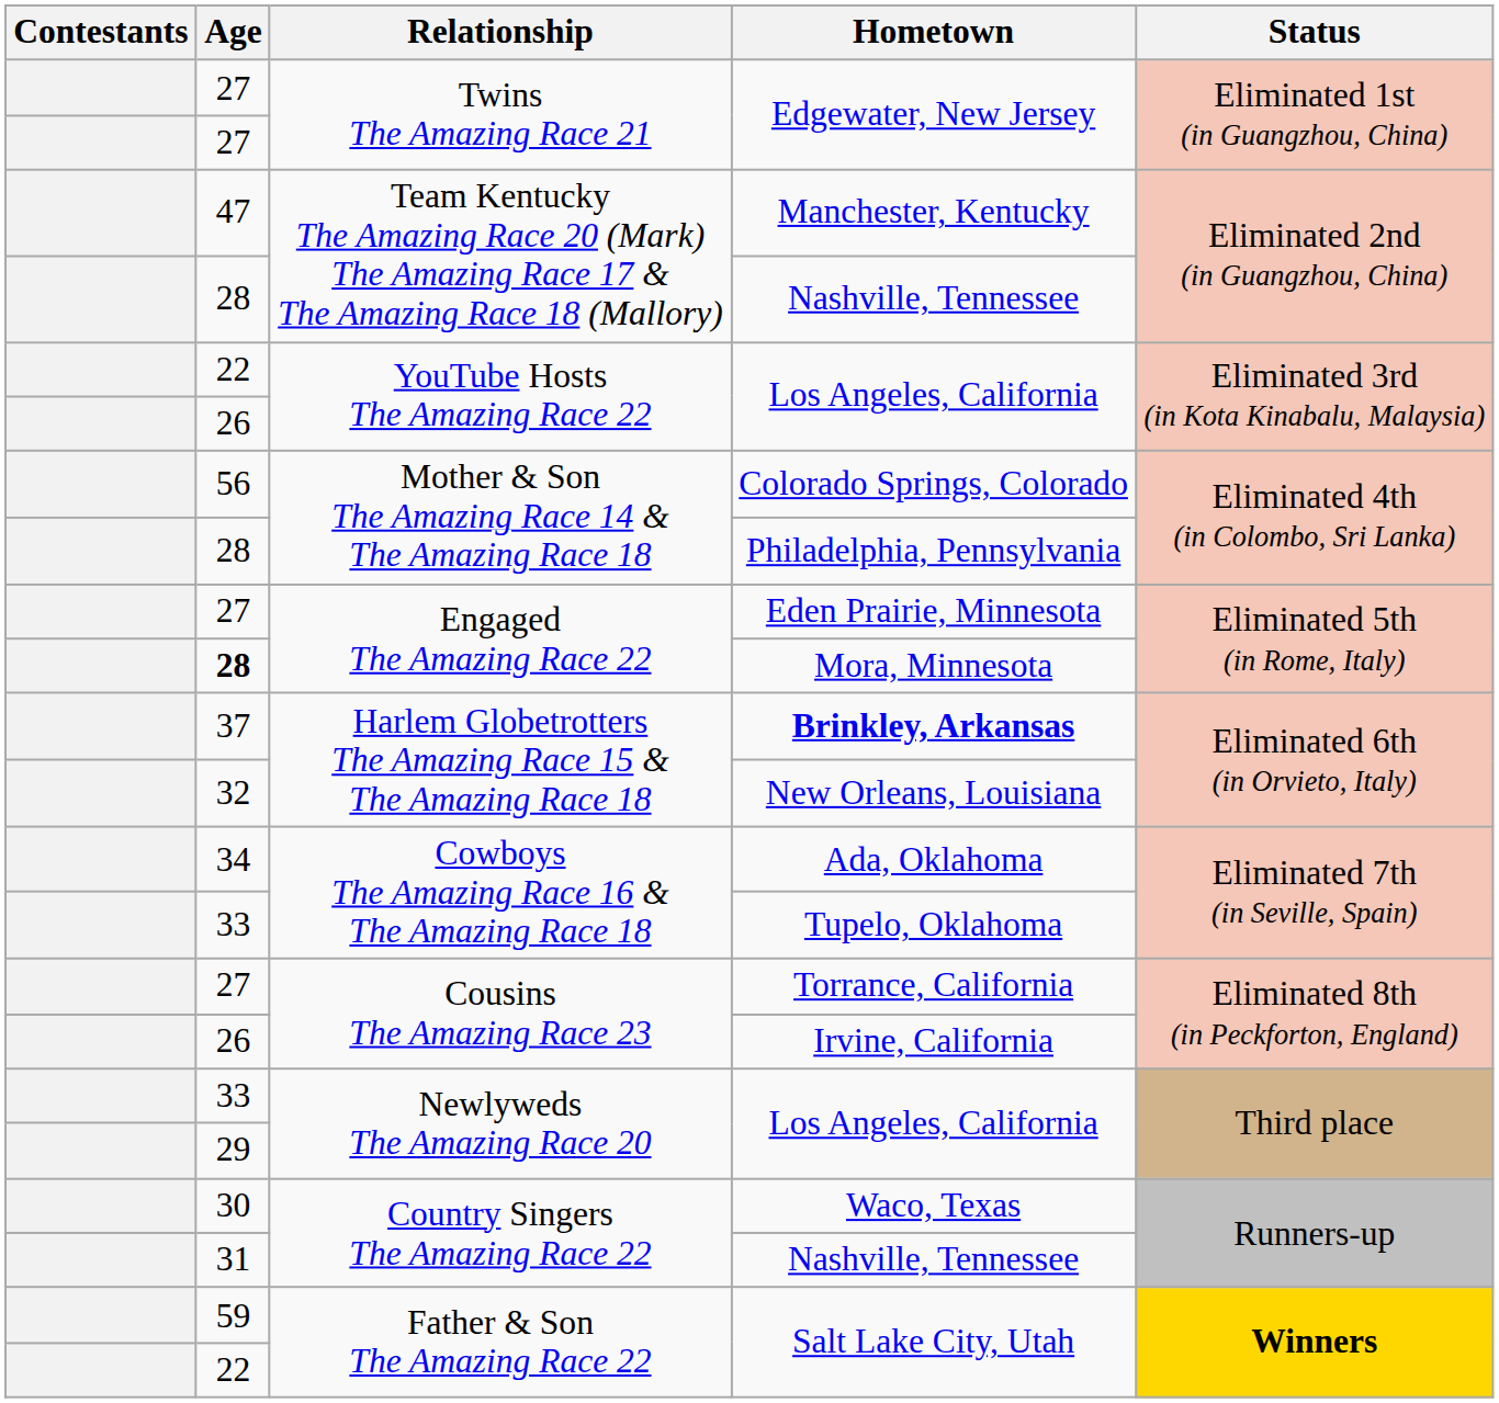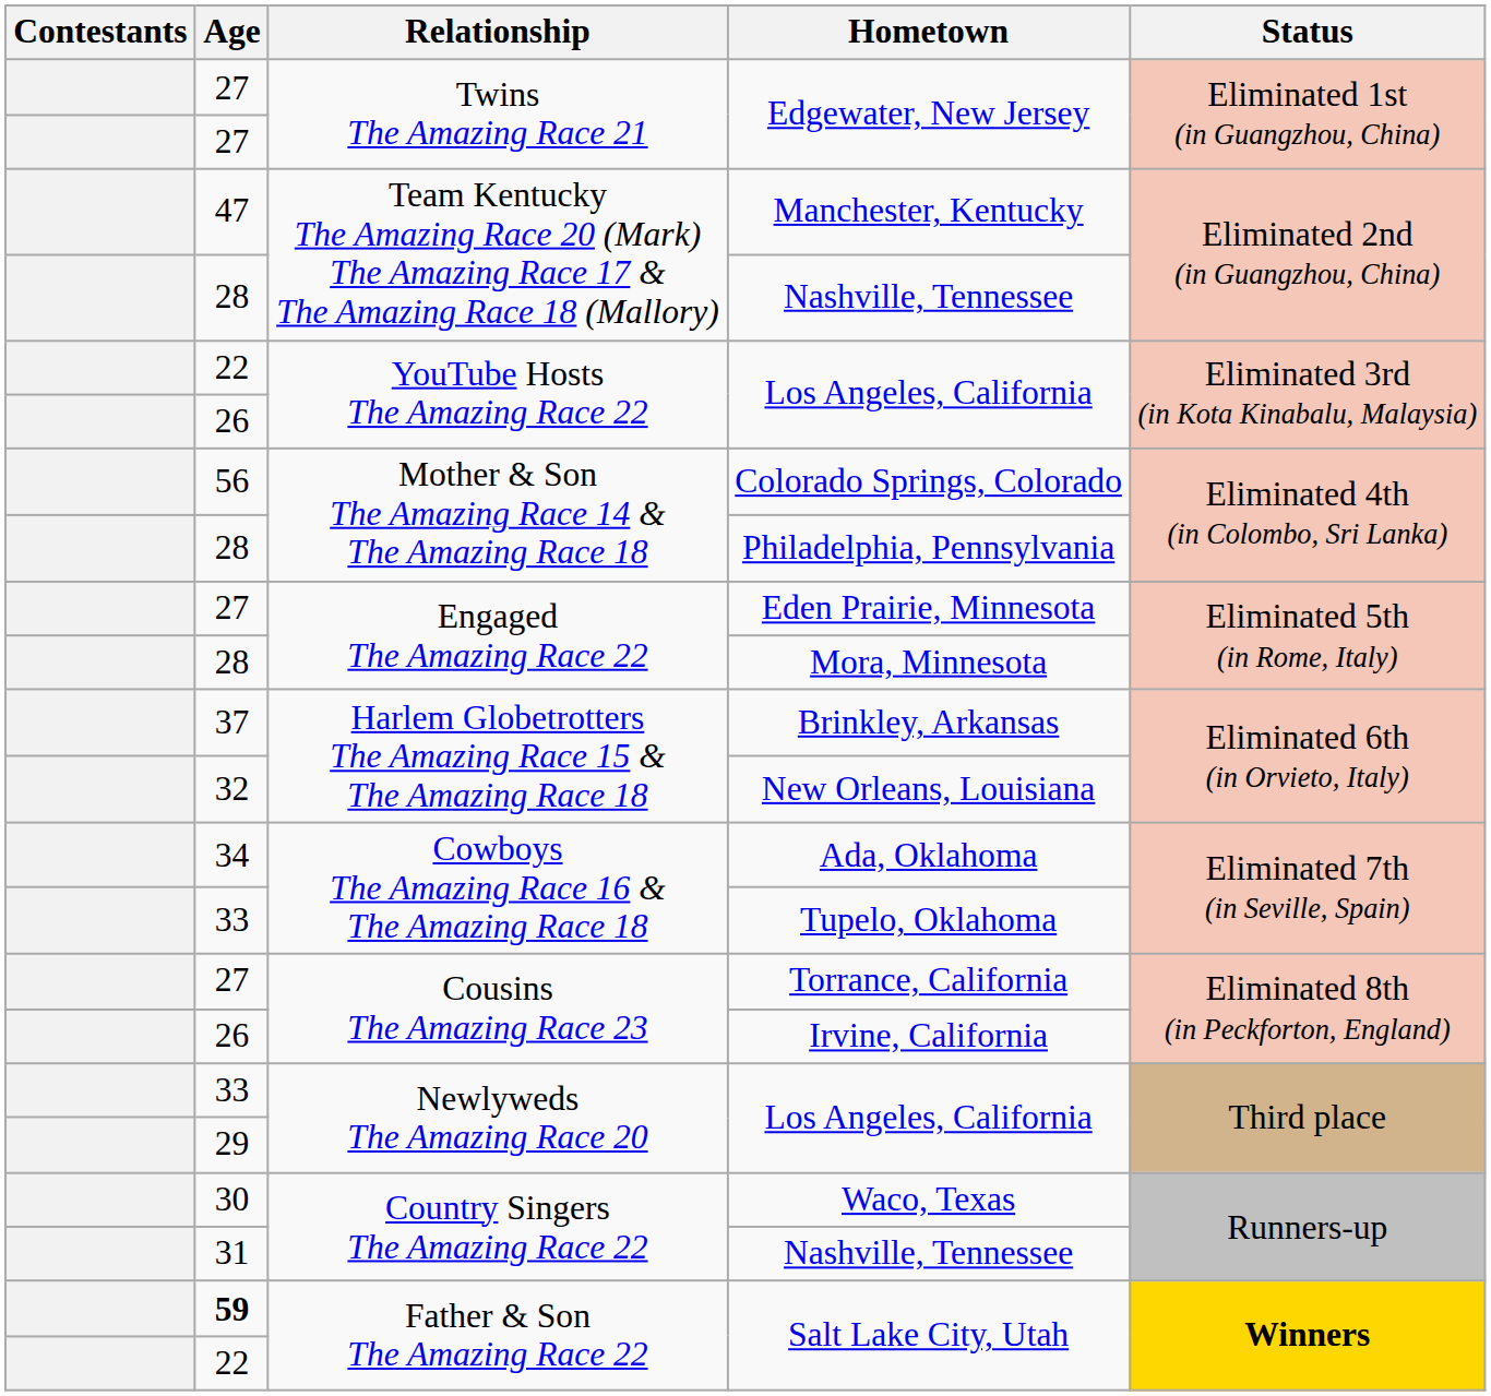 <table class="wikitable sortable" style="text-align:center;">
 <tr>
 <th scope="col">Contestants</th>
 <th scope="col">Age</th>
 <th scope="col" class="unsortable">Relationship</th>
 <th class="unsortable" scope="col">Hometown</th>
 <th scope="col">Status</th>
 </tr>
 <tr>
 <th scope="row"></th>
 <td>27</td>
 <td rowspan="2">Twins<br><em><a href='#'>The Amazing Race 21</a></em></td>
 <td rowspan="2"><a href='#'>Edgewater, New Jersey</a></td>
 <td rowspan="2" bgcolor="f4c7b8">Eliminated 1st<br><small><em>(in Guangzhou, China)</em></small></td>
 </tr>
 <tr>
 <th scope="row"></th>
 <td>27</td>
 </tr>
 <tr>
 <th scope="row"></th>
 <td>47</td>
 <td rowspan="2">Team Kentucky<br><em><a href='#'>The Amazing Race 20</a> (Mark)</em><br><em><a href='#'>The Amazing Race 17</a> &<br><a href='#'>The Amazing Race 18</a> (Mallory)</em></td>
 <td><a href='#'>Manchester, Kentucky</a></td>
 <td rowspan="2" bgcolor="f4c7b8">Eliminated 2nd<br><small><em>(in Guangzhou, China)</em></small></td>
 </tr>
 <tr>
 <th scope="row"></th>
 <td>28</td>
 <td><a href='#'>Nashville, Tennessee</a></td>
 </tr>
 <tr>
 <th scope="row"></th>
 <td>22</td>
 <td rowspan="2"><a href='#'>YouTube</a> Hosts<br><em><a href='#'>The Amazing Race 22</a></em></td>
 <td rowspan="2"><a href='#'>Los Angeles, California</a></td>
 <td rowspan="2" bgcolor="f4c7b8">Eliminated 3rd<br><small><em>(in Kota Kinabalu, Malaysia)</em></small></td>
 </tr>
 <tr>
 <th scope="row"></th>
 <td>26</td>
 </tr>
 <tr>
 <th scope="row"></th>
 <td>56</td>
 <td rowspan="2">Mother & Son<br><em><a href='#'>The Amazing Race 14</a> &</em><br><em><a href='#'>The Amazing Race 18</a></em></td>
 <td><a href='#'>Colorado Springs, Colorado</a></td>
 <td rowspan="2" bgcolor="f4c7b8">Eliminated 4th<br><small><em>(in Colombo, Sri Lanka)</em></small></td>
 </tr>
 <tr>
 <th scope="row"></th>
 <td>28</td>
 <td><a href='#'>Philadelphia, Pennsylvania</a></td>
 </tr>
 <tr>
 <th scope="row"></th>
 <td>27</td>
 <td rowspan="2">Engaged<br><em><a href='#'>The Amazing Race 22</a></em></td>
 <td><a href='#'>Eden Prairie, Minnesota</a></td>
 <td rowspan="2" bgcolor="f4c7b8">Eliminated 5th<br><small><em>(in Rome, Italy)</em></small></td>
 </tr>
 <tr>
 <th scope="row"></th>
-<td><strong>28</strong></td>
+<td>28</td>
 <td><a href='#'>Mora, Minnesota</a></td>
 </tr>
 <tr>
 <th scope="row"></th>
 <td>37</td>
 <td rowspan="2"><a href='#'>Harlem Globetrotters</a><br><em><a href='#'>The Amazing Race 15</a> &<br><a href='#'>The Amazing Race 18</a></em></td>
-<td><strong><a href='#'>Brinkley, Arkansas</a></strong></td>
+<td><a href='#'>Brinkley, Arkansas</a></td>
 <td rowspan="2" bgcolor="f4c7b8">Eliminated 6th<br><small><em>(in Orvieto, Italy)</em></small></td>
 </tr>
 <tr>
 <th scope="row"></th>
 <td>32</td>
 <td><a href='#'>New Orleans, Louisiana</a></td>
 </tr>
 <tr>
 <th scope="row"></th>
 <td>34</td>
 <td rowspan="2"><a href='#'>Cowboys</a><br><em><a href='#'>The Amazing Race 16</a> &<br><a href='#'>The Amazing Race 18</a></em></td>
 <td><a href='#'>Ada, Oklahoma</a></td>
 <td rowspan="2" bgcolor="f4c7b8">Eliminated 7th<br><small><em>(in Seville, Spain)</em></small></td>
 </tr>
 <tr>
 <th scope="row"></th>
 <td>33</td>
 <td><a href='#'>Tupelo, Oklahoma</a></td>
 </tr>
 <tr>
 <th scope="row"></th>
 <td>27</td>
 <td rowspan="2">Cousins<br><em><a href='#'>The Amazing Race 23</a></em></td>
 <td><a href='#'>Torrance, California</a></td>
 <td rowspan="2" bgcolor="f4c7b8">Eliminated 8th<br><small><em>(in Peckforton, England)</em></small></td>
 </tr>
 <tr>
 <th scope="row"></th>
 <td>26</td>
 <td><a href='#'>Irvine, California</a></td>
 </tr>
 <tr>
 <th scope="row"></th>
 <td>33</td>
 <td rowspan="2">Newlyweds<br><em><a href='#'>The Amazing Race 20</a></em></td>
 <td rowspan="2"><a href='#'>Los Angeles, California</a></td>
 <td rowspan="2" bgcolor="tan">Third place</td>
 </tr>
 <tr>
 <th scope="row"></th>
 <td>29</td>
 </tr>
 <tr>
 <th scope="row"></th>
 <td>30</td>
 <td rowspan="2"><a href='#'>Country</a> Singers<br><em><a href='#'>The Amazing Race 22</a></em></td>
 <td><a href='#'>Waco, Texas</a></td>
 <td rowspan="2" bgcolor="silver">Runners-up</td>
 </tr>
 <tr>
 <th scope="row"></th>
 <td>31</td>
 <td><a href='#'>Nashville, Tennessee</a></td>
 </tr>
 <tr>
 <th scope="row"></th>
-<td>59</td>
+<td><strong>59</strong></td>
 <td rowspan="2">Father & Son<br><em><a href='#'>The Amazing Race 22</a></em></td>
 <td rowspan="2"><a href='#'>Salt Lake City, Utah</a></td>
 <td rowspan="2" bgcolor="gold"><strong>Winners</strong></td>
 </tr>
 <tr>
 <th scope="row"></th>
 <td>22</td>
 </tr>
 </table>
